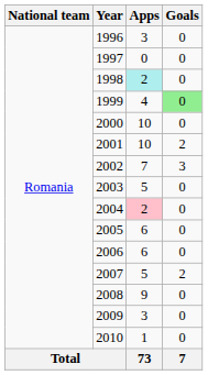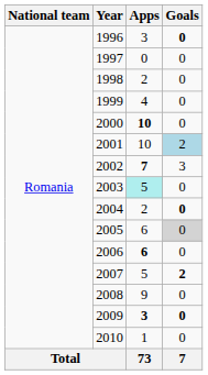 <table class="wikitable" style="text-align:center">
 <tr>
 <th>National team</th>
 <th>Year</th>
 <th>Apps</th>
 <th>Goals</th>
 </tr>
 <tr>
 <td rowspan="15"><a href='#'>Romania</a></td>
 <td>1996</td>
 <td>3</td>
-<td>0</td>
+<td><strong>0</strong></td>
 </tr>
 <tr>
 <td>1997</td>
 <td>0</td>
 <td>0</td>
 </tr>
 <tr>
 <td>1998</td>
-<td style="background: paleturquoise;">2</td>
+<td>2</td>
 <td>0</td>
 </tr>
 <tr>
 <td>1999</td>
 <td>4</td>
-<td style="background: lightgreen;">0</td>
+<td>0</td>
 </tr>
 <tr>
 <td>2000</td>
-<td>10</td>
+<td><strong>10</strong></td>
 <td>0</td>
 </tr>
 <tr>
 <td>2001</td>
 <td>10</td>
-<td>2</td>
+<td style="background: lightblue;">2</td>
 </tr>
 <tr>
 <td>2002</td>
-<td>7</td>
+<td><strong>7</strong></td>
 <td>3</td>
 </tr>
 <tr>
 <td>2003</td>
-<td>5</td>
+<td style="background: paleturquoise;">5</td>
 <td>0</td>
 </tr>
 <tr>
 <td>2004</td>
-<td style="background: pink;">2</td>
-<td>0</td>
+<td>2</td>
+<td><strong>0</strong></td>
 </tr>
 <tr>
 <td>2005</td>
 <td>6</td>
-<td>0</td>
+<td style="background: lightgrey;">0</td>
 </tr>
 <tr>
 <td>2006</td>
-<td>6</td>
+<td><strong>6</strong></td>
 <td>0</td>
 </tr>
 <tr>
 <td>2007</td>
 <td>5</td>
-<td>2</td>
+<td><strong>2</strong></td>
 </tr>
 <tr>
 <td>2008</td>
 <td>9</td>
 <td>0</td>
 </tr>
 <tr>
 <td>2009</td>
-<td>3</td>
-<td>0</td>
+<td><strong>3</strong></td>
+<td><strong>0</strong></td>
 </tr>
 <tr>
 <td>2010</td>
 <td>1</td>
 <td>0</td>
 </tr>
 <tr>
 <th colspan="2">Total</th>
 <th>73</th>
 <th>7</th>
 </tr>
 </table>
